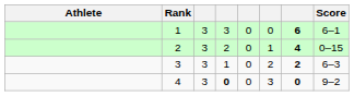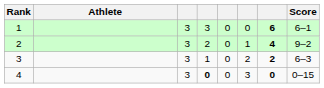 <table class="wikitable" style="text-align: center;">
 <tr>
+<th width=25>Rank</th>
 <th width=225>Athlete</th>
-<th width=25>Rank</th>
 <th width=25></th>
 <th width=25></th>
 <th width=25></th>
 <th width=25></th>
 <th width=40></th>
 <th width=40>Score</th>
 </tr>
 <tr bgcolor=ccffcc>
+<td>1</td>
 <td align=left></td>
-<td>1</td>
 <td>3</td>
 <td>3</td>
 <td>0</td>
 <td>0</td>
 <td><strong>6</strong></td>
 <td>6–1</td>
 </tr>
 <tr bgcolor=ccffcc>
+<td>2</td>
 <td align=left></td>
-<td>2</td>
 <td>3</td>
 <td>2</td>
 <td>0</td>
 <td>1</td>
 <td><strong>4</strong></td>
-<td>0–15</td>
+<td>9–2</td>
 </tr>
 <tr>
+<td>3</td>
 <td align=left></td>
-<td>3</td>
 <td>3</td>
 <td>1</td>
 <td>0</td>
 <td>2</td>
 <td><strong>2</strong></td>
 <td>6–3</td>
 </tr>
 <tr>
+<td>4</td>
 <td align=left></td>
-<td>4</td>
 <td>3</td>
 <td><strong>0</strong></td>
 <td>0</td>
 <td>3</td>
 <td><strong>0</strong></td>
-<td>9–2</td>
+<td>0–15</td>
 </tr>
 </table>
